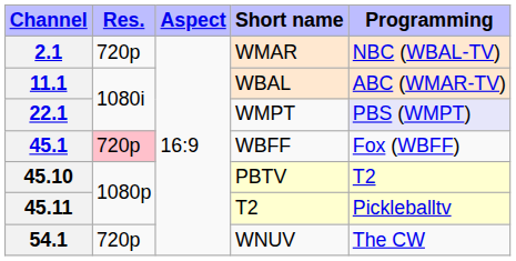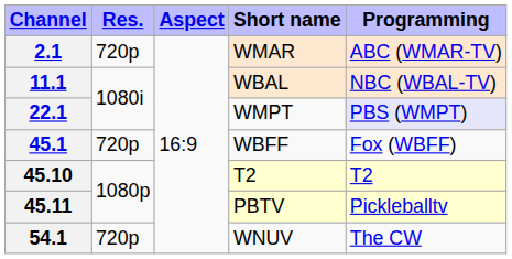 <table class="wikitable">
 <tr>
 <th style="background-color: #bdbdff" scope = "col"><a href='#'>Channel</a></th>
 <th style="background-color: #bdbdff" scope = "col"><a href='#'>Res.</a></th>
 <th style="background-color: #bdbdff" scope = "col"><a href='#'>Aspect</a></th>
 <th style="background-color: #bdbdff" scope = "col">Short name</th>
 <th style="background-color: #bdbdff" scope = "col">Programming</th>
 </tr>
 <tr>
 <th scope = "row"><a href='#'>2.1</a></th>
 <td>720p</td>
 <td rowspan=7>16:9</td>
 <td style="background-color:#ffe8d0">WMAR</td>
-<td style="background-color:#ffe8d0"><a href='#'>NBC</a> (<a href='#'>WBAL-TV</a>) </td>
+<td style="background-color:#ffe8d0"><a href='#'>ABC</a> (<a href='#'>WMAR-TV</a>) </td>
 </tr>
 <tr>
 <th scope = "row"><a href='#'>11.1</a></th>
 <td rowspan=2>1080i</td>
 <td style="background-color:#ffe8d0">WBAL</td>
-<td style="background-color:#ffe8d0"><a href='#'>ABC</a> (<a href='#'>WMAR-TV</a>) </td>
+<td style="background-color:#ffe8d0"><a href='#'>NBC</a> (<a href='#'>WBAL-TV</a>) </td>
 </tr>
 <tr>
 <th scope = "row"><a href='#'>22.1</a></th>
 <td>WMPT</td>
 <td style="background: lavender;"><a href='#'>PBS</a> (<a href='#'>WMPT</a>)</td>
 </tr>
 <tr>
 <th scope = "row"><a href='#'>45.1</a></th>
-<td style="background: pink;">720p</td>
+<td>720p</td>
 <td>WBFF</td>
 <td><a href='#'>Fox</a> (<a href='#'>WBFF</a>)</td>
 </tr>
 <tr>
 <th scope = "row">45.10</th>
 <td rowspan=2>1080p</td>
-<td style="background-color:#ffffd0">PBTV</td>
+<td style="background-color:#ffffd0">T2</td>
 <td style="background-color:#ffffd0"><a href='#'>T2</a></td>
 </tr>
 <tr>
 <th scope = "row">45.11</th>
-<td style="background-color:#ffffd0">T2</td>
+<td style="background-color:#ffffd0">PBTV</td>
 <td style="background-color:#ffffd0"><a href='#'>Pickleballtv</a></td>
 </tr>
 <tr>
 <th scope = "row">54.1</th>
 <td>720p</td>
 <td>WNUV</td>
 <td><a href='#'>The CW</a></td>
 </tr>
 </table>
